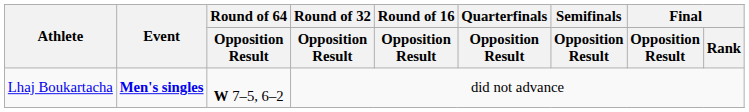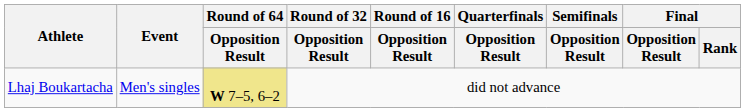 <table class="wikitable">
 <tr>
 <th rowspan="2">Athlete</th>
 <th rowspan="2">Event</th>
 <th>Round of 64</th>
 <th>Round of 32</th>
 <th>Round of 16</th>
 <th>Quarterfinals</th>
 <th>Semifinals</th>
 <th colspan="2">Final</th>
 </tr>
 <tr>
 <th>Opposition<br>Result</th>
 <th>Opposition<br>Result</th>
 <th>Opposition<br>Result</th>
 <th>Opposition<br>Result</th>
 <th>Opposition<br>Result</th>
 <th>Opposition<br>Result</th>
 <th>Rank</th>
 </tr>
 <tr align=center>
 <td align=left><a href='#'>Lhaj Boukartacha</a></td>
-<td align=left><strong><a href='#'>Men's singles</a></strong></td>
-<td><br><strong>W</strong> 7–5, 6–2</td>
+<td align=left><a href='#'>Men's singles</a></td>
+<td style="background: khaki;"><br><strong>W</strong> 7–5, 6–2</td>
 <td colspan=6>did not advance</td>
 </tr>
 </table>
